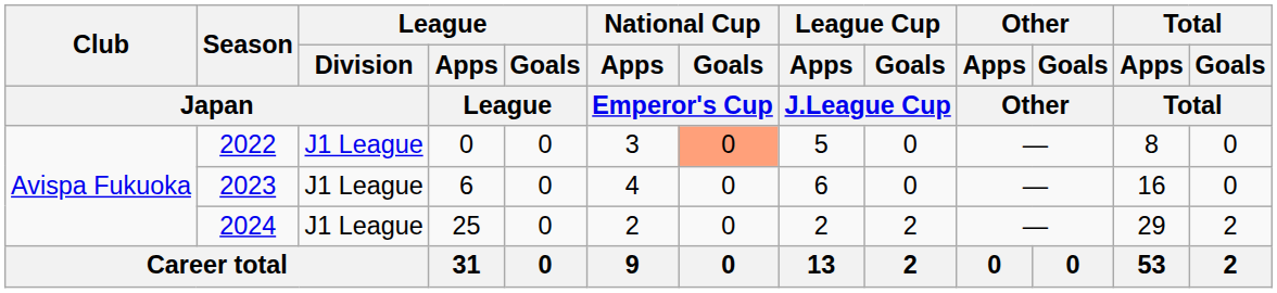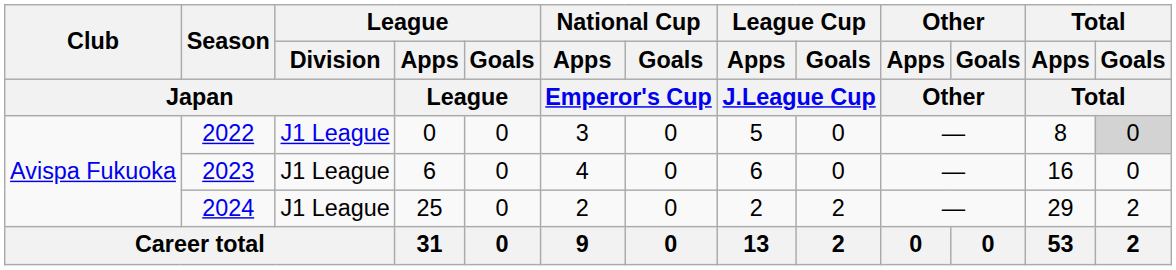 <table class="wikitable" style="text-align: center">
 <tr>
 <th rowspan="2">Club</th>
 <th rowspan="2">Season</th>
 <th colspan="3">League</th>
 <th colspan="2">National Cup</th>
 <th colspan="2">League Cup</th>
 <th colspan="2">Other</th>
 <th colspan="2">Total</th>
 </tr>
 <tr>
 <th>Division</th>
 <th>Apps</th>
 <th>Goals</th>
 <th>Apps</th>
 <th>Goals</th>
 <th>Apps</th>
 <th>Goals</th>
 <th>Apps</th>
 <th>Goals</th>
 <th>Apps</th>
 <th>Goals</th>
 </tr>
 <tr>
 <th colspan=3>Japan</th>
 <th colspan=2>League</th>
 <th colspan=2><a href='#'>Emperor's Cup</a></th>
 <th colspan=2><a href='#'>J.League Cup</a></th>
 <th colspan=2>Other</th>
 <th colspan=2>Total</th>
 </tr>
 <tr>
 <td rowspan="3"><a href='#'>Avispa Fukuoka</a></td>
 <td><a href='#'>2022</a></td>
 <td><a href='#'>J1 League</a></td>
 <td>0</td>
 <td>0</td>
 <td>3</td>
-<td style="background: lightsalmon;">0</td>
+<td>0</td>
 <td>5</td>
 <td>0</td>
 <td colspan="2">—</td>
 <td>8</td>
-<td>0</td>
+<td style="background: lightgrey;">0</td>
 </tr>
 <tr>
 <td><a href='#'>2023</a></td>
 <td>J1 League</td>
 <td>6</td>
 <td>0</td>
 <td>4</td>
 <td>0</td>
 <td>6</td>
 <td>0</td>
 <td colspan="2">—</td>
 <td>16</td>
 <td>0</td>
 </tr>
 <tr>
 <td><a href='#'>2024</a></td>
 <td>J1 League</td>
 <td>25</td>
 <td>0</td>
 <td>2</td>
 <td>0</td>
 <td>2</td>
 <td>2</td>
 <td colspan="2">—</td>
 <td>29</td>
 <td>2</td>
 </tr>
 <tr>
 <th colspan=3>Career total</th>
 <th>31</th>
 <th>0</th>
 <th>9</th>
 <th>0</th>
 <th>13</th>
 <th>2</th>
 <th>0</th>
 <th>0</th>
 <th>53</th>
 <th>2</th>
 </tr>
 </table>
